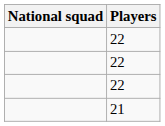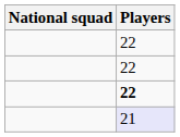 <table class="wikitable sortable">
 <tr>
 <th>National squad</th>
 <th>Players</th>
 </tr>
 <tr>
 <td></td>
 <td>22</td>
 </tr>
 <tr>
 <td></td>
 <td>22</td>
 </tr>
 <tr>
 <td></td>
-<td>22</td>
+<td><strong>22</strong></td>
 </tr>
 <tr>
 <td></td>
-<td>21</td>
+<td style="background: lavender;">21</td>
 </tr>
 </table>
